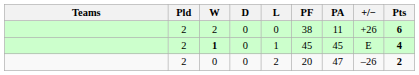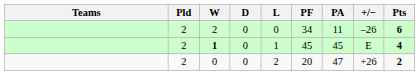 <table class="wikitable" style="text-align: center;">
 <tr>
 <th width="245">Teams</th>
 <th width="40">Pld</th>
 <th width="40">W</th>
 <th width="40">D</th>
 <th width="40">L</th>
 <th width="40">PF</th>
 <th width="40">PA</th>
 <th width="40">+/−</th>
 <th width="40">Pts</th>
 </tr>
 <tr bgcolor=ccffcc>
 <td align=left></td>
 <td>2</td>
 <td>2</td>
 <td>0</td>
 <td>0</td>
-<td>38</td>
+<td>34</td>
 <td>11</td>
-<td>+26</td>
+<td>–26</td>
 <td><strong>6</strong></td>
 </tr>
 <tr bgcolor=ccffcc>
 <td align=left></td>
 <td>2</td>
 <td><strong>1</strong></td>
 <td>0</td>
 <td>1</td>
 <td>45</td>
 <td>45</td>
 <td>E</td>
 <td><strong>4</strong></td>
 </tr>
 <tr>
 <td align=left></td>
 <td>2</td>
 <td>0</td>
 <td>0</td>
 <td>2</td>
 <td>20</td>
 <td>47</td>
-<td>–26</td>
+<td>+26</td>
 <td><strong>2</strong></td>
 </tr>
 </table>
